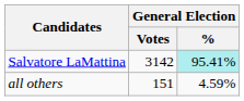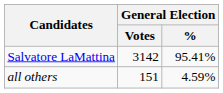 <table class=wikitable>
 <tr>
 <th colspan=1 rowspan=2><strong>Candidates</strong></th>
 <th colspan=2><strong>General Election</strong></th>
 </tr>
 <tr>
 <th>Votes</th>
 <th>%</th>
 </tr>
 <tr>
 <td><a href='#'>Salvatore LaMattina</a></td>
 <td align="right">3142</td>
-<td align="right" style="background: paleturquoise;">95.41%</td>
+<td align="right">95.41%</td>
 </tr>
 <tr>
 <td><em>all others</em></td>
 <td align="right">151</td>
 <td align="right">4.59%</td>
 </tr>
 </table>
